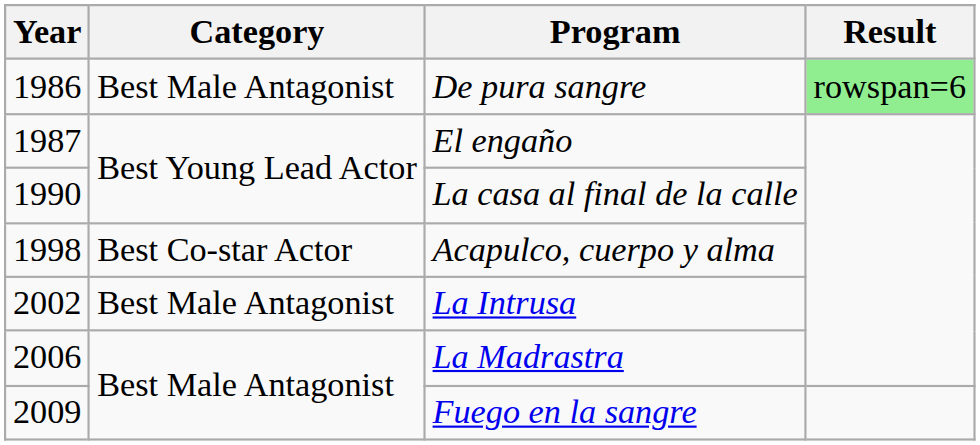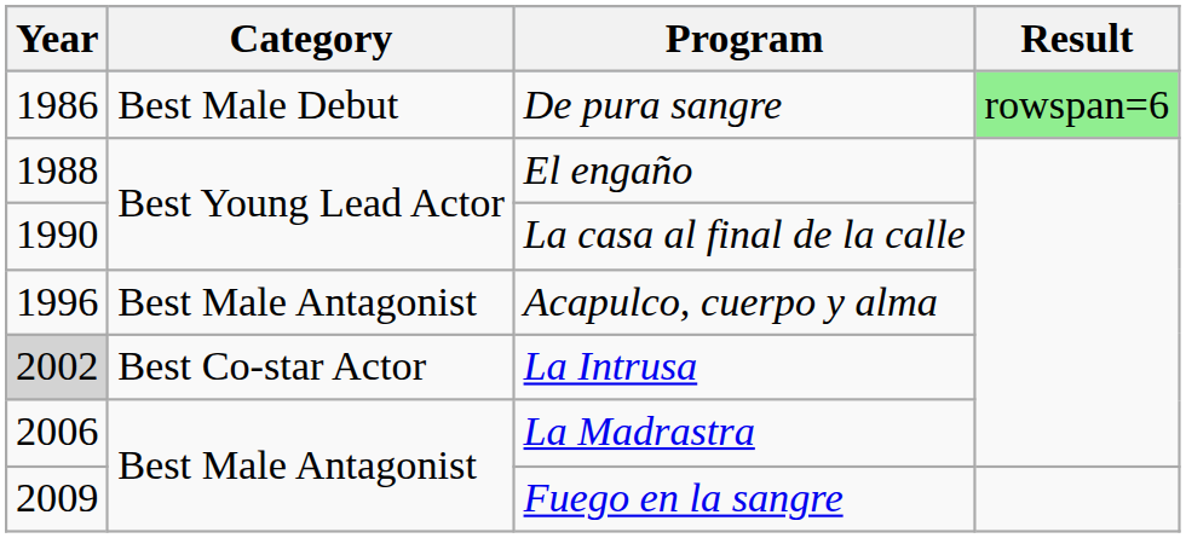 <table class="wikitable">
 <tr style="background:#b0c4de;">
 <th>Year</th>
 <th>Category</th>
 <th>Program</th>
 <th>Result</th>
 </tr>
 <tr>
 <td>1986</td>
-<td>Best Male Antagonist</td>
+<td>Best Male Debut</td>
 <td><em>De pura sangre</em></td>
 <td style="background: lightgreen;">rowspan=6 </td>
 </tr>
 <tr>
-<td>1987</td>
+<td>1988</td>
 <td rowspan=2>Best Young Lead Actor</td>
 <td><em>El engaño</em></td>
 </tr>
 <tr>
 <td>1990</td>
 <td><em>La casa al final de la calle</em></td>
 </tr>
 <tr>
-<td>1998</td>
-<td>Best Co-star Actor</td>
+<td>1996</td>
+<td>Best Male Antagonist</td>
 <td><em>Acapulco, cuerpo y alma</em></td>
 </tr>
 <tr>
-<td>2002</td>
-<td>Best Male Antagonist</td>
+<td style="background: lightgrey;">2002</td>
+<td>Best Co-star Actor</td>
 <td><em><a href='#'>La Intrusa</a></em></td>
 </tr>
 <tr>
 <td>2006</td>
 <td rowspan=2>Best Male Antagonist</td>
 <td><em><a href='#'>La Madrastra</a></em></td>
 </tr>
 <tr>
 <td>2009</td>
 <td><em><a href='#'>Fuego en la sangre</a></em></td>
 <td></td>
 </tr>
 </table>
